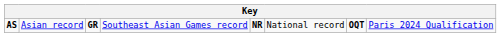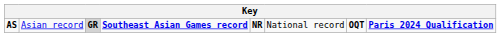 <table class="wikitable" style="font-size:95%; position:relative;">
 <tr>
 <th colspan=10>Key</th>
 </tr>
 <tr>
 <td align=center><strong>AS</strong></td>
 <td><a href='#'>Asian record</a></td>
-<td align=center><strong>GR</strong></td>
-<td><a href='#'>Southeast Asian Games record</a></td>
+<td align=center style="background: lightgrey;"><strong>GR</strong></td>
+<td><strong><a href='#'>Southeast Asian Games record</a></strong></td>
 <td align=center><strong>NR</strong></td>
 <td>National record</td>
 <td align=center><strong>OQT</strong></td>
-<td><a href='#'>Paris 2024 Qualification</a></td>
+<td><strong><a href='#'>Paris 2024 Qualification</a></strong></td>
 </tr>
 </table>
